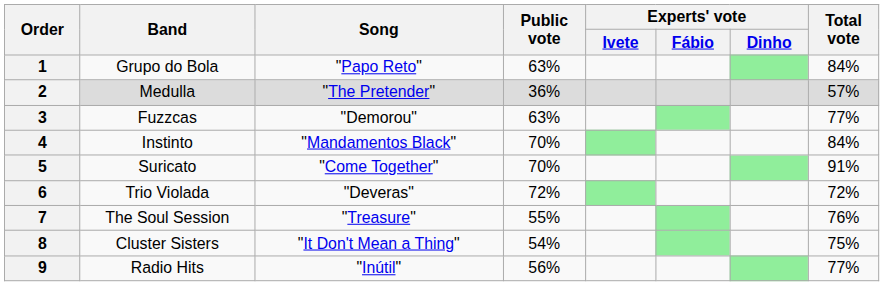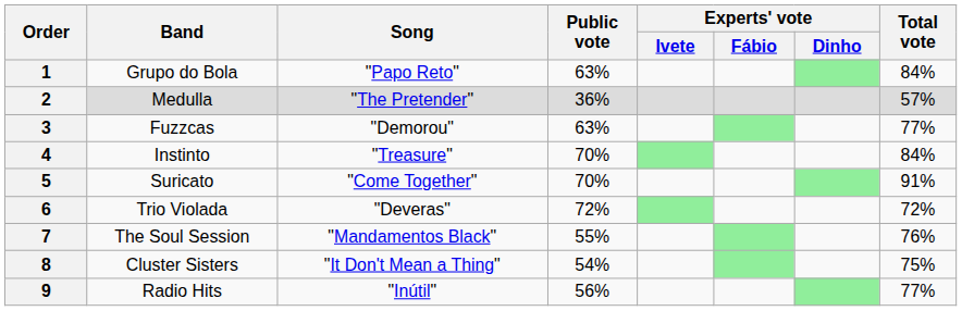 <table class="wikitable" style="text-align: center;width:100%;">
 <tr>
 <th width="010" rowspan=2>Order</th>
 <th width="110" rowspan=2>Band</th>
 <th width="160" rowspan=2>Song</th>
 <th width="040" rowspan=2>Public<br>vote</th>
 <th width="120" colspan=3>Experts' vote</th>
 <th width="040" rowspan=2>Total<br>vote</th>
 </tr>
 <tr>
 <th width="40"><a href='#'>Ivete</a></th>
 <th width="40"><a href='#'>Fábio</a></th>
 <th width="40"><a href='#'>Dinho</a></th>
 </tr>
 <tr>
 <th>1</th>
 <td>Grupo do Bola</td>
 <td>"<a href='#'>Papo Reto</a>"</td>
 <td>63%</td>
 <td></td>
 <td></td>
 <td bgcolor="90EE9B"></td>
 <td>84%</td>
 </tr>
 <tr>
 <th>2</th>
 <td bgcolor="DCDCDC">Medulla</td>
 <td bgcolor="DCDCDC">"<a href='#'>The Pretender</a>"</td>
 <td bgcolor="DCDCDC">36%</td>
 <td bgcolor="DCDCDC"></td>
 <td bgcolor="DCDCDC"></td>
 <td bgcolor="DCDCDC"></td>
 <td bgcolor="DCDCDC">57%</td>
 </tr>
 <tr>
 <th>3</th>
 <td>Fuzzcas</td>
 <td>"Demorou"</td>
 <td>63%</td>
 <td></td>
 <td bgcolor="90EE9B"></td>
 <td></td>
 <td>77%</td>
 </tr>
 <tr>
 <th>4</th>
 <td>Instinto</td>
-<td>"<a href='#'>Mandamentos Black</a>"</td>
+<td>"<a href='#'>Treasure</a>"</td>
 <td>70%</td>
 <td bgcolor="90EE9B"></td>
 <td></td>
 <td></td>
 <td>84%</td>
 </tr>
 <tr>
 <th>5</th>
 <td>Suricato</td>
 <td>"<a href='#'>Come Together</a>"</td>
 <td>70%</td>
 <td></td>
 <td></td>
 <td bgcolor="90EE9B"></td>
 <td>91%</td>
 </tr>
 <tr>
 <th>6</th>
 <td>Trio Violada</td>
 <td>"Deveras"</td>
 <td>72%</td>
 <td bgcolor="90EE9B"></td>
 <td></td>
 <td></td>
 <td>72%</td>
 </tr>
 <tr>
 <th>7</th>
 <td>The Soul Session</td>
-<td>"<a href='#'>Treasure</a>"</td>
+<td>"<a href='#'>Mandamentos Black</a>"</td>
 <td>55%</td>
 <td></td>
 <td bgcolor="90EE9B"></td>
 <td></td>
 <td>76%</td>
 </tr>
 <tr>
 <th>8</th>
 <td>Cluster Sisters</td>
 <td>"<a href='#'>It Don't Mean a Thing</a>"</td>
 <td>54%</td>
 <td></td>
 <td bgcolor="90EE9B"></td>
 <td></td>
 <td>75%</td>
 </tr>
 <tr>
 <th>9</th>
 <td>Radio Hits</td>
 <td>"<a href='#'>Inútil</a>"</td>
 <td>56%</td>
 <td></td>
 <td></td>
 <td bgcolor="90EE9B"></td>
 <td>77%</td>
 </tr>
 </table>
